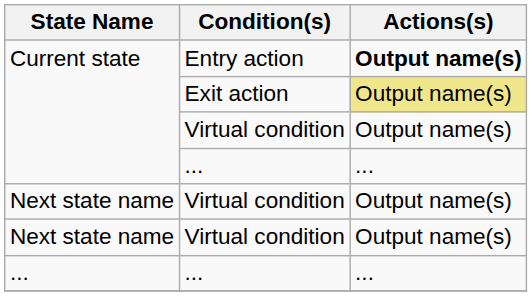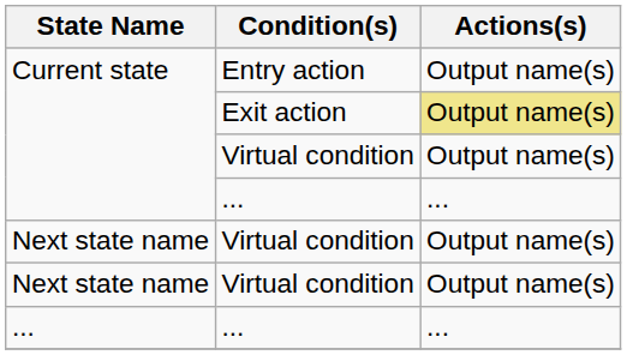 <table class="wikitable">
 <tr>
 <th>State Name</th>
 <th>Condition(s)</th>
 <th>Actions(s)</th>
 </tr>
 <tr>
 <td rowspan=4 valign="top">Current state</td>
 <td>Entry action</td>
-<td><strong>Output name(s)</strong></td>
+<td>Output name(s)</td>
 </tr>
 <tr>
 <td>Exit action</td>
 <td style="background: khaki;">Output name(s)</td>
 </tr>
 <tr>
 <td>Virtual condition</td>
 <td>Output name(s)</td>
 </tr>
 <tr>
 <td>...</td>
 <td>...</td>
 </tr>
 <tr>
 <td>Next state name</td>
 <td>Virtual condition</td>
 <td>Output name(s)</td>
 </tr>
 <tr>
 <td>Next state name</td>
 <td>Virtual condition</td>
 <td>Output name(s)</td>
 </tr>
 <tr>
 <td>...</td>
 <td>...</td>
 <td>...</td>
 </tr>
 <tr>
 </tr>
 </table>
